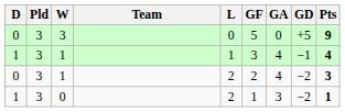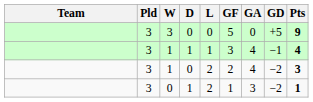 <table class="wikitable" style="text-align: center;">
 <tr>
-<th width="20">D</th>
+<th width="175">Team</th>
 <th width="20">Pld</th>
 <th width="20">W</th>
-<th width="175">Team</th>
+<th width="20">D</th>
 <th width="20">L</th>
 <th width="20">GF</th>
 <th width="20">GA</th>
 <th width="20">GD</th>
 <th width="20">Pts</th>
 </tr>
 <tr bgcolor=#ccffcc>
-<td>0</td>
+<td align=left></td>
 <td>3</td>
 <td>3</td>
-<td align=left></td>
+<td>0</td>
 <td>0</td>
 <td>5</td>
 <td>0</td>
 <td>+5</td>
 <td><strong>9</strong></td>
 </tr>
 <tr bgcolor=#ccffcc>
-<td>1</td>
+<td align=left></td>
 <td>3</td>
 <td>1</td>
-<td align=left></td>
+<td>1</td>
 <td>1</td>
 <td>3</td>
 <td>4</td>
 <td>−1</td>
 <td><strong>4</strong></td>
 </tr>
 <tr>
-<td>0</td>
+<td align=left></td>
 <td>3</td>
 <td>1</td>
-<td align=left></td>
+<td>0</td>
 <td>2</td>
 <td>2</td>
 <td>4</td>
 <td>−2</td>
 <td><strong>3</strong></td>
 </tr>
 <tr>
-<td>1</td>
+<td align=left></td>
 <td>3</td>
 <td>0</td>
-<td align=left></td>
+<td>1</td>
 <td>2</td>
 <td>1</td>
 <td>3</td>
 <td>−2</td>
 <td><strong>1</strong></td>
 </tr>
 </table>
